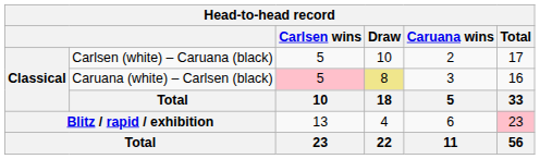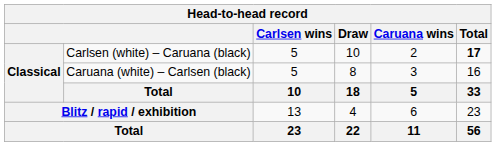 <table class="wikitable">
 <tr>
 <th colspan=6>Head-to-head record</th>
 </tr>
 <tr>
 <th colspan=2></th>
 <th><a href='#'>Carlsen</a> wins</th>
 <th>Draw</th>
 <th><a href='#'>Caruana</a> wins</th>
 <th>Total</th>
 </tr>
 <tr align=center>
 <th rowspan=3>Classical</th>
 <td>Carlsen (white) – Caruana (black)</td>
 <td>5</td>
 <td>10</td>
 <td>2</td>
-<td>17</td>
+<td><strong>17</strong></td>
 </tr>
 <tr align=center>
 <td>Caruana (white) – Carlsen (black)</td>
-<td style="background: pink;">5</td>
-<td style="background: khaki;">8</td>
+<td>5</td>
+<td>8</td>
 <td>3</td>
 <td>16</td>
 </tr>
 <tr>
 <th>Total</th>
 <th>10</th>
 <th>18</th>
 <th>5</th>
 <th>33</th>
 </tr>
 <tr align=center>
 <th colspan=2><a href='#'>Blitz</a> / <a href='#'>rapid</a> / exhibition</th>
 <td>13</td>
 <td>4</td>
 <td>6</td>
-<td style="background: pink;">23</td>
+<td>23</td>
 </tr>
 <tr>
 <th colspan=2>Total</th>
 <th>23</th>
 <th>22</th>
 <th>11</th>
 <th>56</th>
 </tr>
 </table>
